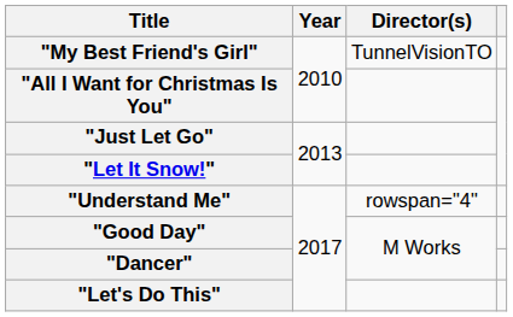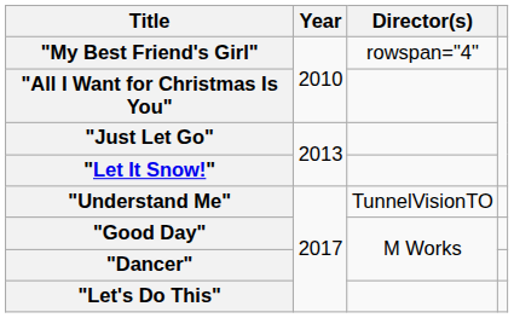 <table class="wikitable plainrowheaders" style="text-align:center;">
 <tr>
 <th scope="col" style="width:14em;">Title</th>
 <th scope="col">Year</th>
 <th scope="col">Director(s)</th>
 <th scope="col"></th>
 </tr>
 <tr>
 <th scope="row">"My Best Friend's Girl"</th>
 <td rowspan="2">2010</td>
-<td>TunnelVisionTO</td>
+<td>rowspan="4" </td>
 <td></td>
 </tr>
 <tr>
 <th scope="row">"All I Want for Christmas Is You"</th>
 <td></td>
 </tr>
 <tr>
 <th scope="row">"Just Let Go"</th>
 <td rowspan="2">2013</td>
 <td></td>
 </tr>
 <tr>
 <th scope="row">"<a href='#'>Let It Snow!</a>"</th>
 <td></td>
 </tr>
 <tr>
 <th scope="row">"Understand Me"</th>
 <td rowspan="4">2017</td>
-<td>rowspan="4" </td>
+<td>TunnelVisionTO</td>
 <td></td>
 </tr>
 <tr>
 <th scope="row">"Good Day"</th>
 <td rowspan="2">M Works</td>
 <td></td>
 </tr>
 <tr>
 <th scope="row">"Dancer"</th>
 <td></td>
 </tr>
 <tr>
 <th scope="row">"Let's Do This"</th>
 <td></td>
 <td></td>
 </tr>
 </table>
